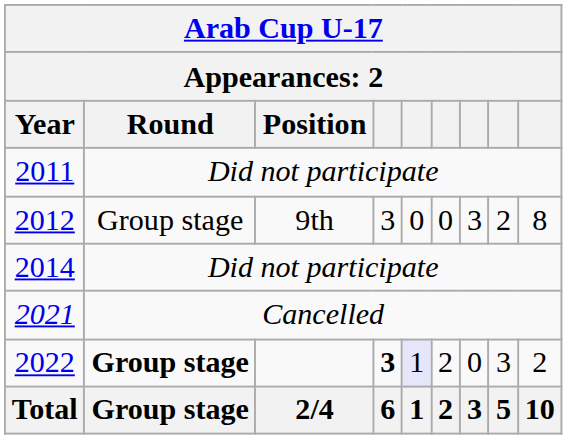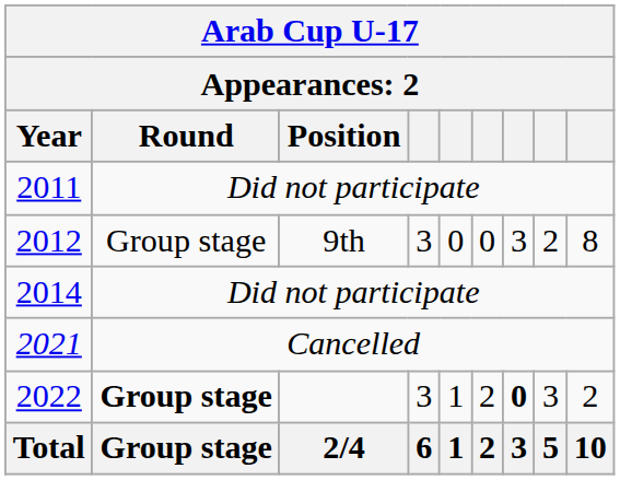 <table class="wikitable" style="text-align: center;">
 <tr>
 <th colspan=9><a href='#'>Arab Cup U-17</a></th>
 </tr>
 <tr>
 <th colspan=9>Appearances: 2</th>
 </tr>
 <tr>
 <th>Year</th>
 <th>Round</th>
 <th>Position</th>
 <th></th>
 <th></th>
 <th></th>
 <th></th>
 <th></th>
 <th></th>
 </tr>
 <tr>
 <td> <a href='#'>2011</a></td>
 <td colspan=8><em>Did not participate</em></td>
 </tr>
 <tr>
 <td> <a href='#'>2012</a></td>
 <td>Group stage</td>
 <td>9th</td>
 <td>3</td>
 <td>0</td>
 <td>0</td>
 <td>3</td>
 <td>2</td>
 <td>8</td>
 </tr>
 <tr>
 <td> <a href='#'>2014</a></td>
 <td colspan=8><em>Did not participate</em></td>
 </tr>
 <tr>
 <td> <em><a href='#'>2021</a></em></td>
 <td colspan=8><em>Cancelled</em></td>
 </tr>
 <tr>
 <td> <a href='#'>2022</a></td>
 <td><strong>Group stage</strong></td>
 <td></td>
-<td><strong>3</strong></td>
-<td style="background: lavender;">1</td>
+<td>3</td>
+<td>1</td>
 <td>2</td>
-<td>0</td>
+<td><strong>0</strong></td>
 <td>3</td>
 <td>2</td>
 </tr>
 <tr>
 <th>Total</th>
 <th>Group stage</th>
 <th>2/4</th>
 <th>6</th>
 <th>1</th>
 <th>2</th>
 <th>3</th>
 <th>5</th>
 <th>10</th>
 </tr>
 </table>
